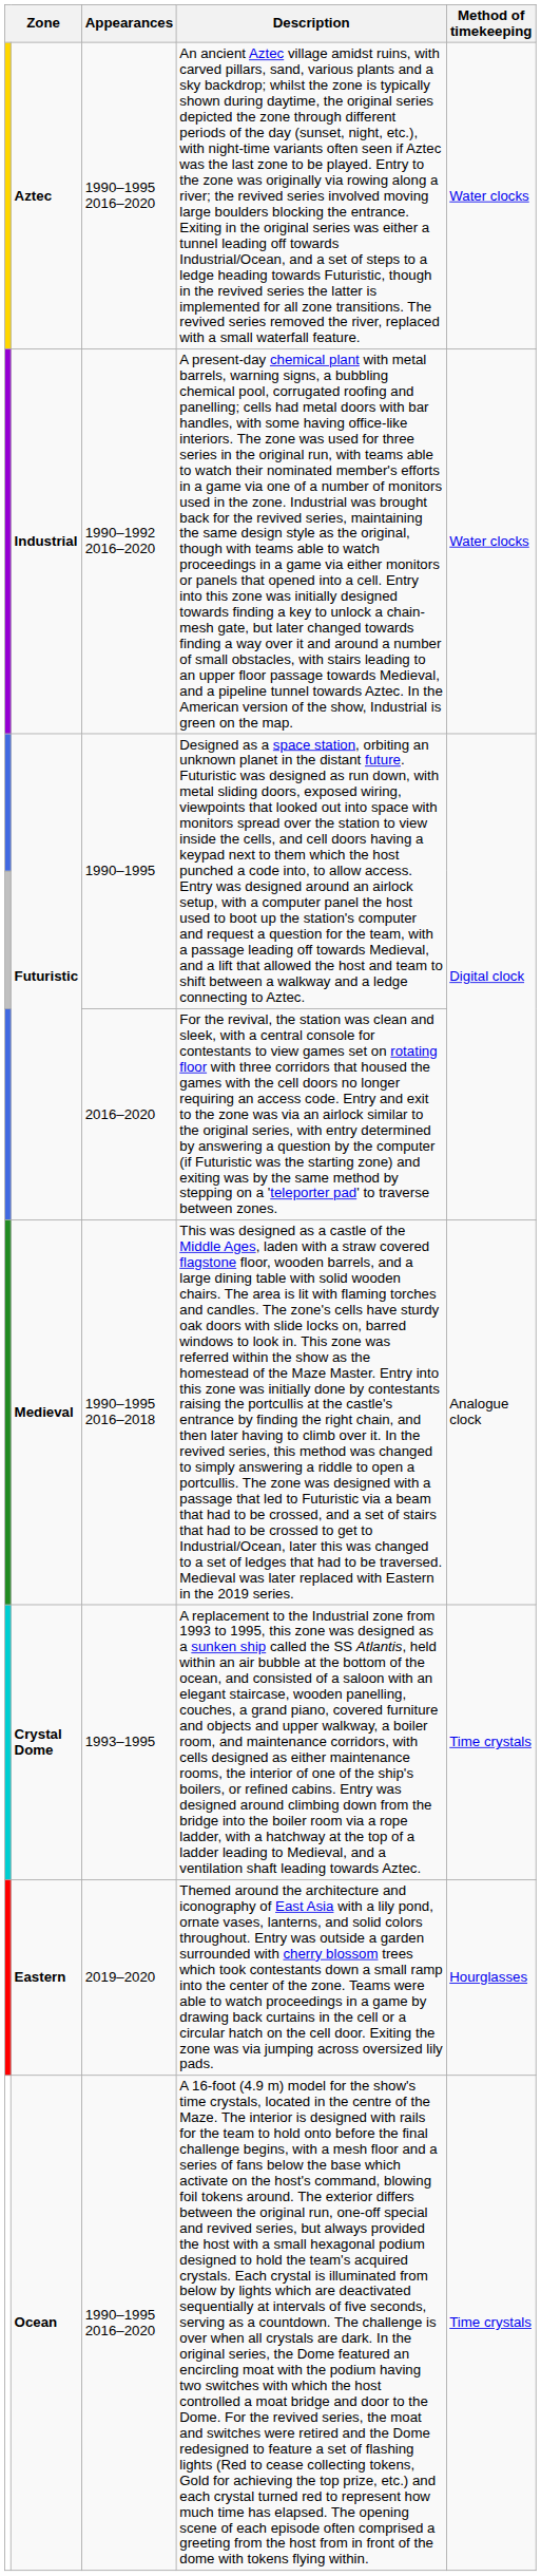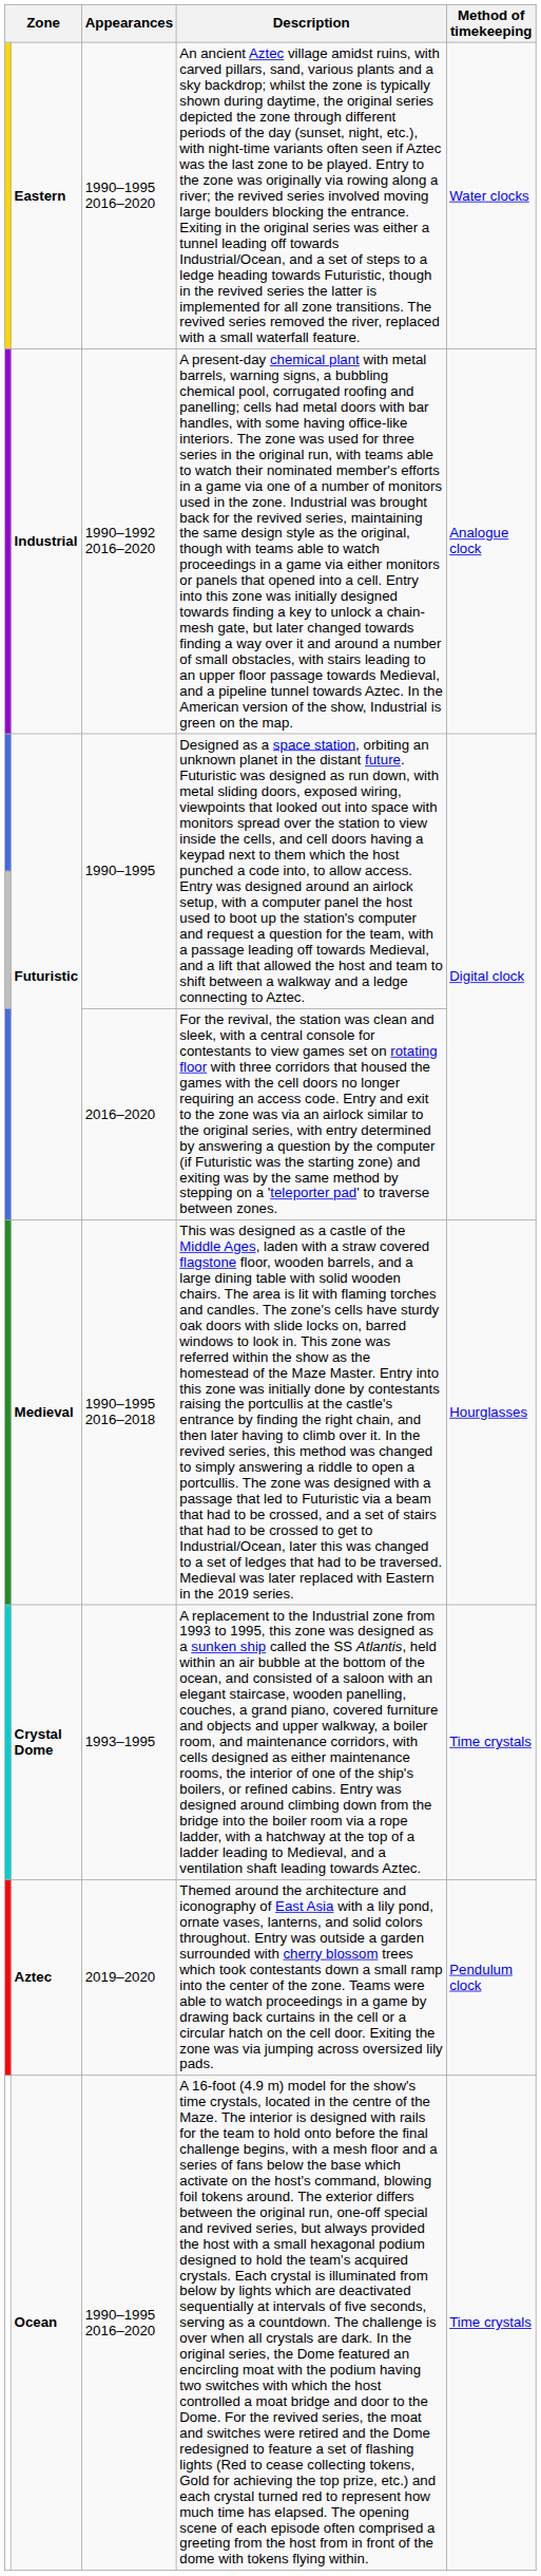 <table class="wikitable">
 <tr>
 <th colspan=2>Zone</th>
 <th>Appearances</th>
 <th>Description</th>
 <th>Method of timekeeping</th>
 </tr>
 <tr>
 <td bgcolor="gold"></td>
-<td><strong>Aztec</strong></td>
+<td><strong>Eastern</strong></td>
 <td>1990–1995<br>2016–2020</td>
 <td>An ancient <a href='#'>Aztec</a> village amidst ruins, with carved pillars, sand, various plants and a sky backdrop; whilst the zone is typically shown during daytime, the original series depicted the zone through different periods of the day (sunset, night, etc.), with night-time variants often seen if Aztec was the last zone to be played. Entry to the zone was originally via rowing along a river; the revived series involved moving large boulders blocking the entrance. Exiting in the original series was either a tunnel leading off towards Industrial/Ocean, and a set of steps to a ledge heading towards Futuristic, though in the revived series the latter is implemented for all zone transitions. The revived series removed the river, replaced with a small waterfall feature.</td>
 <td><a href='#'>Water clocks</a></td>
 </tr>
 <tr>
 <td bgcolor="darkviolet"></td>
 <td><strong>Industrial</strong></td>
 <td>1990–1992<br>2016–2020</td>
 <td>A present-day <a href='#'>chemical plant</a> with metal barrels, warning signs, a bubbling chemical pool, corrugated roofing and panelling; cells had metal doors with bar handles, with some having office-like interiors. The zone was used for three series in the original run, with teams able to watch their nominated member's efforts in a game via one of a number of monitors used in the zone. Industrial was brought back for the revived series, maintaining the same design style as the original, though with teams able to watch proceedings in a game via either monitors or panels that opened into a cell. Entry into this zone was initially designed towards finding a key to unlock a chain-mesh gate, but later changed towards finding a way over it and around a number of small obstacles, with stairs leading to an upper floor passage towards Medieval, and a pipeline tunnel towards Aztec. In the American version of the show, Industrial is green on the map.</td>
-<td><a href='#'>Water clocks</a></td>
+<td><a href='#'>Analogue clock</a></td>
 </tr>
 <tr>
 <td bgcolor="royalblue"></td>
 <td rowspan=3><strong>Futuristic</strong></td>
 <td rowspan=2>1990–1995</td>
 <td rowspan=2>Designed as a <a href='#'>space station</a>, orbiting an unknown planet in the distant <a href='#'>future</a>. Futuristic was designed as run down, with metal sliding doors, exposed wiring, viewpoints that looked out into space with monitors spread over the station to view inside the cells, and cell doors having a keypad next to them which the host punched a code into, to allow access. Entry was designed around an airlock setup, with a computer panel the host used to boot up the station's computer and request a question for the team, with a passage leading off towards Medieval, and a lift that allowed the host and team to shift between a walkway and a ledge connecting to Aztec.</td>
 <td rowspan=3><a href='#'>Digital clock</a></td>
 </tr>
 <tr>
 <td bgcolor="silver"></td>
 </tr>
 <tr>
 <td bgcolor="royalblue"></td>
 <td>2016–2020</td>
 <td>For the revival, the station was clean and sleek, with a central console for contestants to view games set on <a href='#'>rotating floor</a> with three corridors that housed the games with the cell doors no longer requiring an access code. Entry and exit to the zone was via an airlock similar to the original series, with entry determined by answering a question by the computer (if Futuristic was the starting zone) and exiting was by the same method by stepping on a '<a href='#'>teleporter pad</a>' to traverse between zones.</td>
 </tr>
 <tr>
 <td bgcolor="forestgreen"></td>
 <td><strong>Medieval</strong></td>
 <td>1990–1995<br>2016–2018</td>
 <td>This was designed as a castle of the <a href='#'>Middle Ages</a>, laden with a straw covered <a href='#'>flagstone</a> floor, wooden barrels, and a large dining table with solid wooden chairs. The area is lit with flaming torches and candles. The zone's cells have sturdy oak doors with slide locks on, barred windows to look in. This zone was referred within the show as the homestead of the Maze Master. Entry into this zone was initially done by contestants raising the portcullis at the castle's entrance by finding the right chain, and then later having to climb over it. In the revived series, this method was changed to simply answering a riddle to open a portcullis. The zone was designed with a passage that led to Futuristic via a beam that had to be crossed, and a set of stairs that had to be crossed to get to Industrial/Ocean, later this was changed to a set of ledges that had to be traversed. Medieval was later replaced with Eastern in the 2019 series.</td>
-<td>Analogue clock</td>
+<td><a href='#'>Hourglasses</a></td>
 </tr>
 <tr>
 <td bgcolor="darkturquoise"></td>
 <td><strong>Crystal Dome</strong></td>
 <td>1993–1995</td>
 <td>A replacement to the Industrial zone from 1993 to 1995, this zone was designed as a <a href='#'>sunken ship</a> called the SS <em>Atlantis</em>, held within an air bubble at the bottom of the ocean, and consisted of a saloon with an elegant staircase, wooden panelling, couches, a grand piano, covered furniture and objects and upper walkway, a boiler room, and maintenance corridors, with cells designed as either maintenance rooms, the interior of one of the ship's boilers, or refined cabins. Entry was designed around climbing down from the bridge into the boiler room via a rope ladder, with a hatchway at the top of a ladder leading to Medieval, and a ventilation shaft leading towards Aztec.</td>
 <td><a href='#'>Time crystals</a></td>
 </tr>
 <tr>
 <td bgcolor="red"></td>
-<td><strong>Eastern</strong></td>
+<td><strong>Aztec</strong></td>
 <td>2019–2020</td>
 <td>Themed around the architecture and iconography of <a href='#'>East Asia</a> with a lily pond, ornate vases, lanterns, and solid colors throughout. Entry was outside a garden surrounded with <a href='#'>cherry blossom</a> trees which took contestants down a small ramp into the center of the zone. Teams were able to watch proceedings in a game by drawing back curtains in the cell or a circular hatch on the cell door. Exiting the zone was via jumping across oversized lily pads.</td>
-<td><a href='#'>Hourglasses</a></td>
+<td><a href='#'>Pendulum clock</a></td>
 </tr>
 <tr>
 <td bgcolor="white"></td>
 <td><strong>Ocean</strong></td>
 <td>1990–1995<br>2016–2020</td>
 <td>A 16-foot (4.9 m) model for the show's time crystals, located in the centre of the Maze. The interior is designed with rails for the team to hold onto before the final challenge begins, with a mesh floor and a series of fans below the base which activate on the host's command, blowing foil tokens around. The exterior differs between the original run, one-off special and revived series, but always provided the host with a small hexagonal podium designed to hold the team's acquired crystals. Each crystal is illuminated from below by lights which are deactivated sequentially at intervals of five seconds, serving as a countdown. The challenge is over when all crystals are dark. In the original series, the Dome featured an encircling moat with the podium having two switches with which the host controlled a moat bridge and door to the Dome. For the revived series, the moat and switches were retired and the Dome redesigned to feature a set of flashing lights (Red to cease collecting tokens, Gold for achieving the top prize, etc.) and each crystal turned red to represent how much time has elapsed. The opening scene of each episode often comprised a greeting from the host from in front of the dome with tokens flying within.</td>
 <td><a href='#'>Time crystals</a></td>
 </tr>
 </table>
